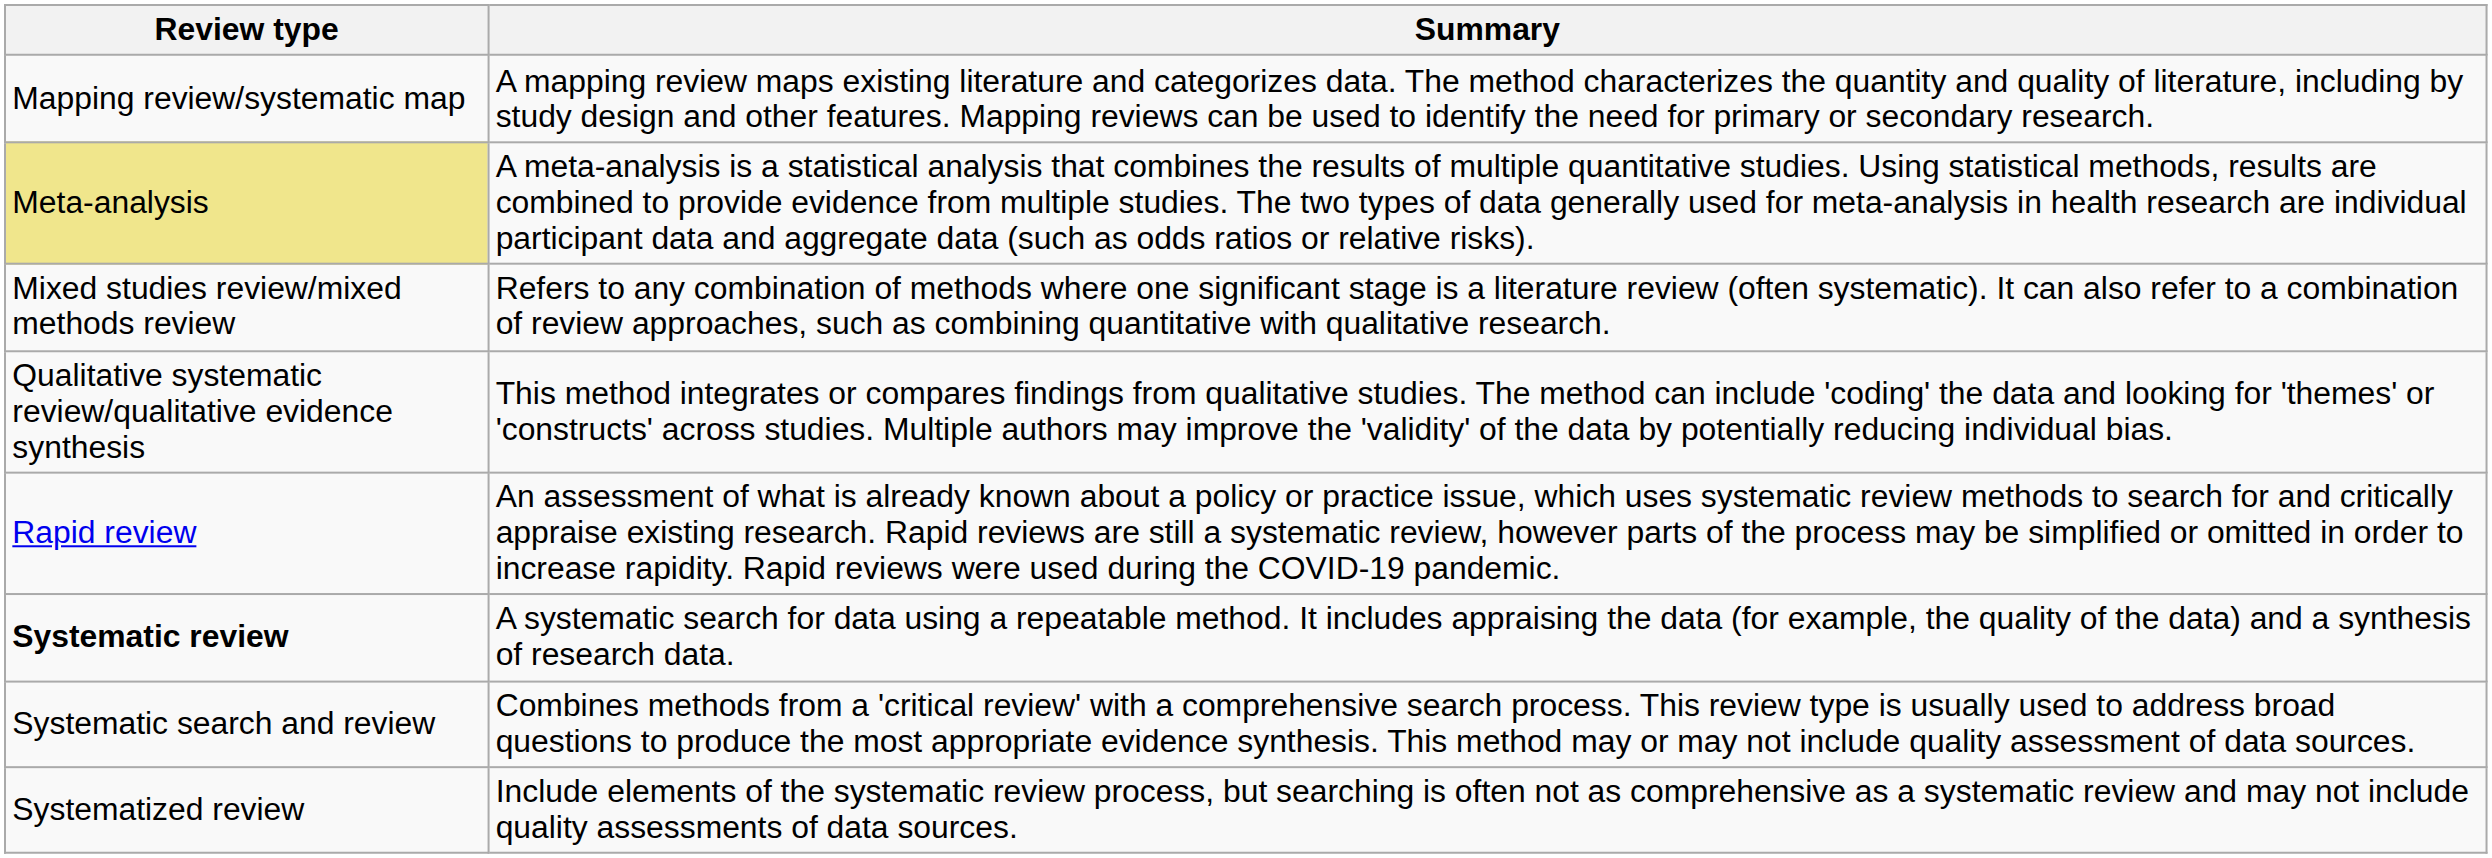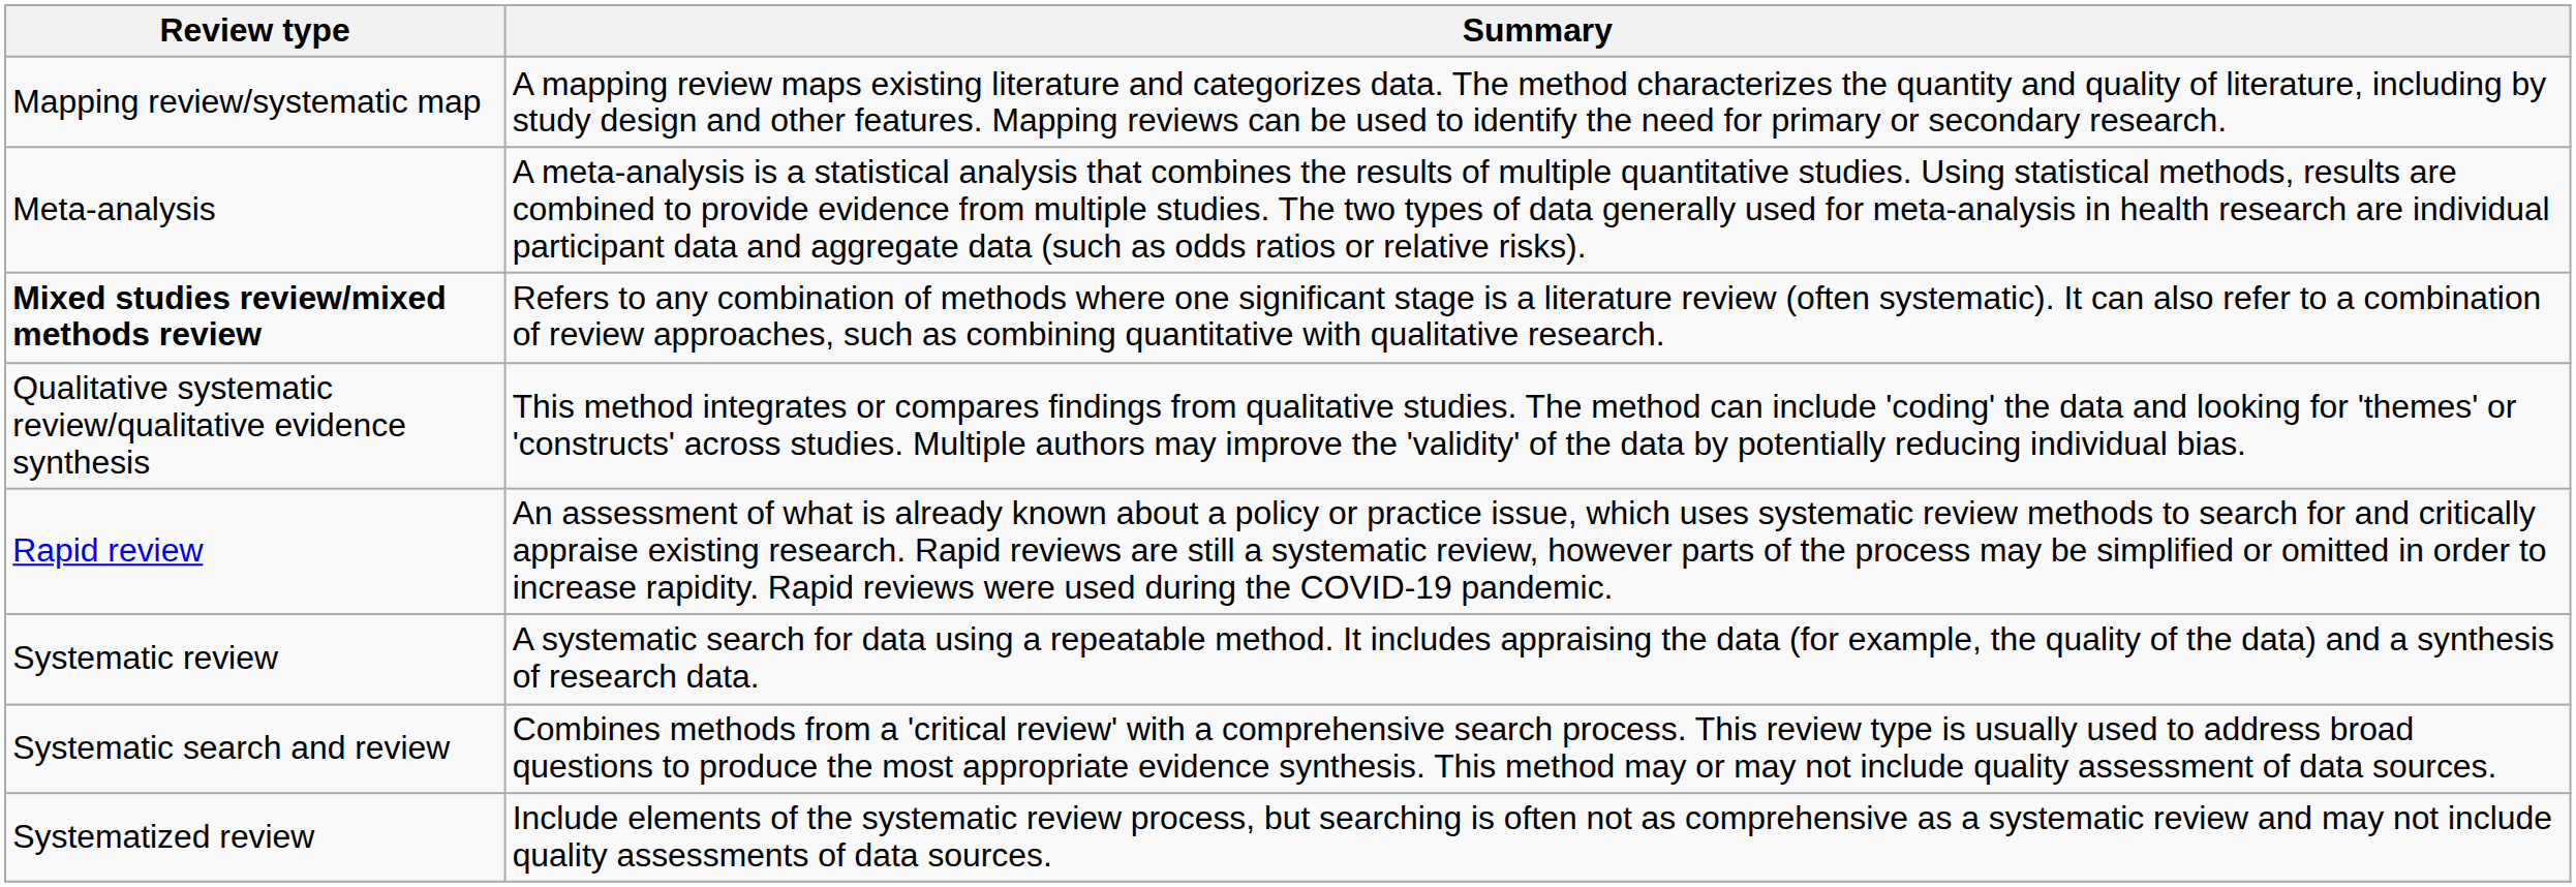 <table class="wikitable">
 <tr>
 <th>Review type</th>
 <th>Summary</th>
 </tr>
 <tr>
 <td>Mapping review/systematic map</td>
 <td>A mapping review maps existing literature and categorizes data. The method characterizes the quantity and quality of literature, including by study design and other features. Mapping reviews can be used to identify the need for primary or secondary research.</td>
 </tr>
 <tr>
-<td style="background: khaki;">Meta-analysis</td>
+<td>Meta-analysis</td>
 <td>A meta-analysis is a statistical analysis that combines the results of multiple quantitative studies. Using statistical methods, results are combined to provide evidence from multiple studies. The two types of data generally used for meta-analysis in health research are individual participant data and aggregate data (such as odds ratios or relative risks).</td>
 </tr>
 <tr>
-<td>Mixed studies review/mixed methods review</td>
+<td><strong>Mixed studies review/mixed methods review</strong></td>
 <td>Refers to any combination of methods where one significant stage is a literature review (often systematic). It can also refer to a combination of review approaches, such as combining quantitative with qualitative research.</td>
 </tr>
 <tr>
 <td>Qualitative systematic review/qualitative evidence synthesis</td>
 <td>This method integrates or compares findings from qualitative studies. The method can include 'coding' the data and looking for 'themes' or 'constructs' across studies. Multiple authors may improve the 'validity' of the data by potentially reducing individual bias.</td>
 </tr>
 <tr>
 <td><a href='#'>Rapid review</a></td>
 <td>An assessment of what is already known about a policy or practice issue, which uses systematic review methods to search for and critically appraise existing research. Rapid reviews are still a systematic review, however parts of the process may be simplified or omitted in order to increase rapidity. Rapid reviews were used during the COVID-19 pandemic.</td>
 </tr>
 <tr>
-<td><strong>Systematic review</strong></td>
+<td>Systematic review</td>
 <td>A systematic search for data using a repeatable method. It includes appraising the data (for example, the quality of the data) and a synthesis of research data.</td>
 </tr>
 <tr>
 <td>Systematic search and review</td>
 <td>Combines methods from a 'critical review' with a comprehensive search process. This review type is usually used to address broad questions to produce the most appropriate evidence synthesis. This method may or may not include quality assessment of data sources.</td>
 </tr>
 <tr>
 <td>Systematized review</td>
 <td>Include elements of the systematic review process, but searching is often not as comprehensive as a systematic review and may not include quality assessments of data sources.</td>
 </tr>
 </table>
